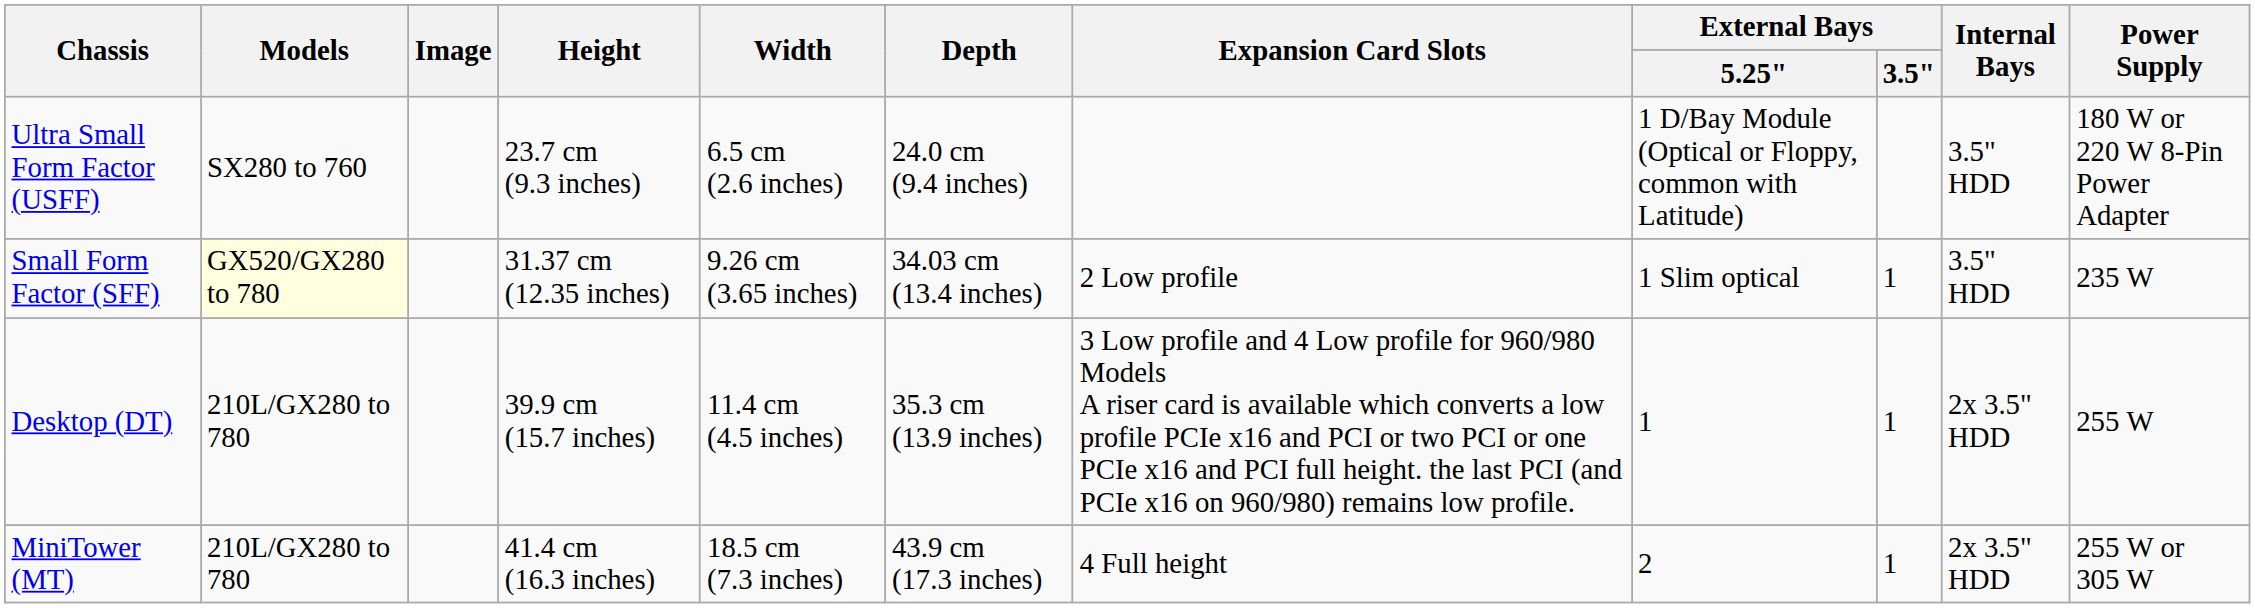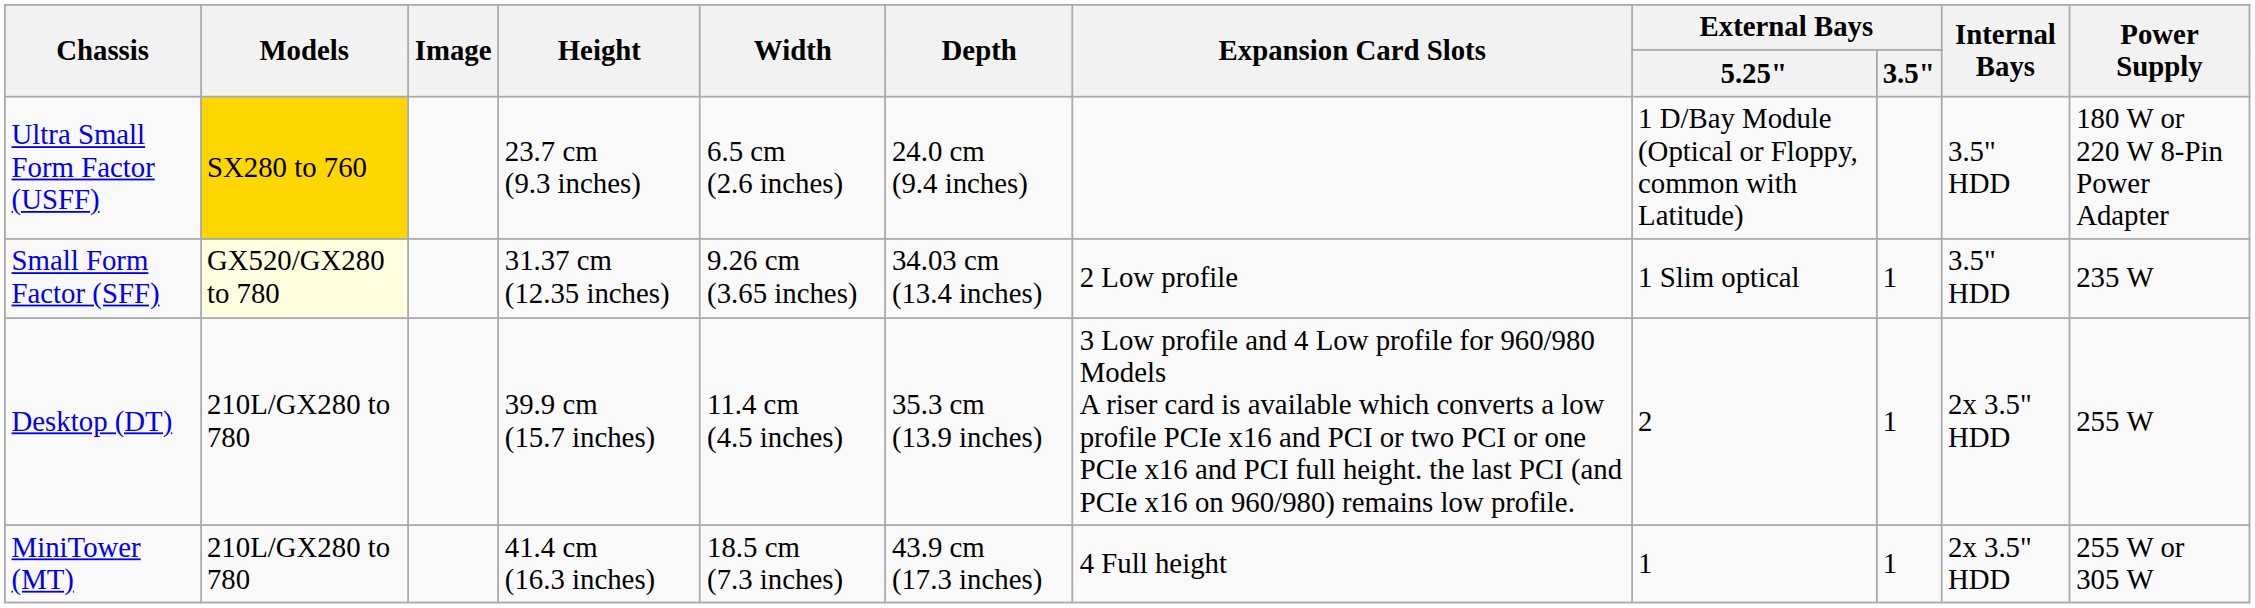 <table class="wikitable">
 <tr>
 <th rowspan="2">Chassis</th>
 <th rowspan="2">Models</th>
 <th rowspan="2">Image</th>
 <th rowspan="2">Height</th>
 <th rowspan="2">Width</th>
 <th rowspan="2">Depth</th>
 <th rowspan="2">Expansion Card Slots</th>
 <th colspan="2">External Bays</th>
 <th rowspan="2">Internal Bays</th>
 <th rowspan="2">Power Supply</th>
 </tr>
 <tr>
 <th>5.25"</th>
 <th>3.5"</th>
 </tr>
 <tr>
 <td><a href='#'>Ultra Small Form Factor (USFF)</a></td>
-<td>SX280 to 760</td>
+<td style="background: gold;">SX280 to 760</td>
 <td></td>
 <td>23.7 cm (9.3 inches)</td>
 <td>6.5 cm (2.6 inches)</td>
 <td>24.0 cm (9.4 inches)</td>
 <td></td>
 <td>1 D/Bay Module (Optical or Floppy, common with Latitude)</td>
 <td></td>
 <td>3.5" HDD</td>
 <td>180 W or 220 W 8-Pin Power Adapter</td>
 </tr>
 <tr>
 <td><a href='#'>Small Form Factor (SFF)</a></td>
 <td style="background: lightyellow;">GX520/GX280 to 780</td>
 <td></td>
 <td>31.37 cm (12.35 inches)</td>
 <td>9.26 cm (3.65 inches)</td>
 <td>34.03 cm (13.4 inches)</td>
 <td>2 Low profile</td>
 <td>1 Slim optical</td>
 <td>1</td>
 <td>3.5" HDD</td>
 <td>235 W</td>
 </tr>
 <tr>
 <td><a href='#'>Desktop (DT)</a></td>
 <td>210L/GX280 to 780</td>
 <td></td>
 <td>39.9 cm (15.7 inches)</td>
 <td>11.4 cm (4.5 inches)</td>
 <td>35.3 cm (13.9 inches)</td>
 <td>3 Low profile and 4 Low profile for 960/980 Models<br>A riser card is available which converts a low profile PCIe x16 and PCI or two PCI or one PCIe x16 and PCI full height. the last PCI (and PCIe x16 on 960/980) remains low profile.</td>
-<td>1</td>
+<td>2</td>
 <td>1</td>
 <td>2x 3.5" HDD</td>
 <td>255 W</td>
 </tr>
 <tr>
 <td><a href='#'>MiniTower (MT)</a></td>
 <td>210L/GX280 to 780</td>
 <td></td>
 <td>41.4 cm (16.3 inches)</td>
 <td>18.5 cm (7.3 inches)</td>
 <td>43.9 cm (17.3 inches)</td>
 <td>4 Full height</td>
-<td>2</td>
+<td>1</td>
 <td>1</td>
 <td>2x 3.5" HDD</td>
 <td>255 W or 305 W</td>
 </tr>
 </table>
